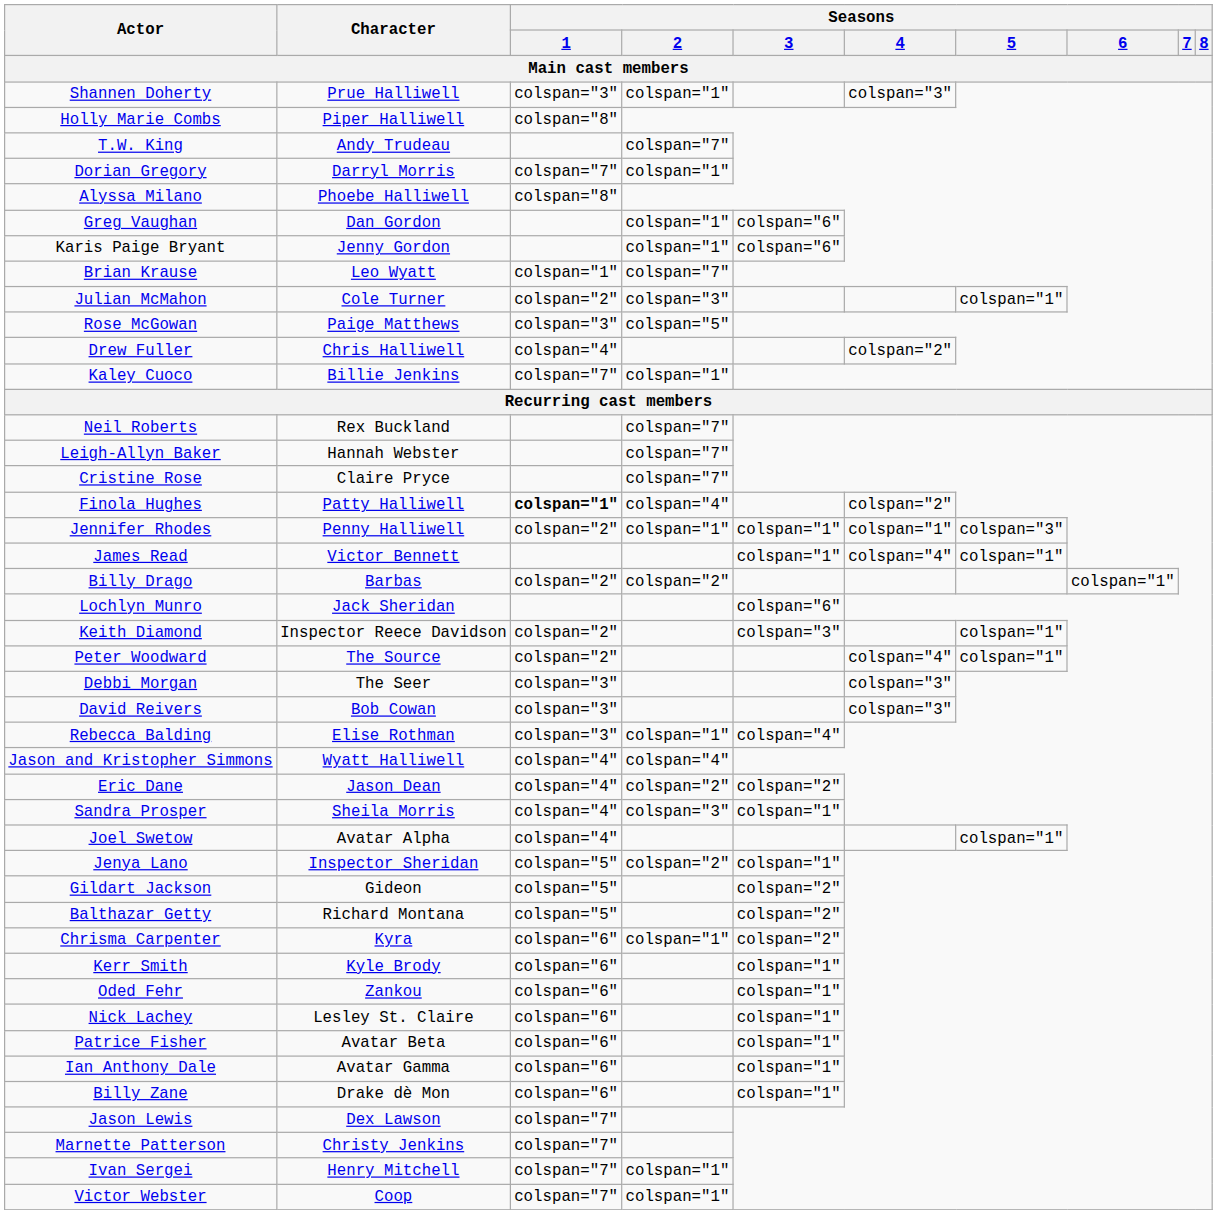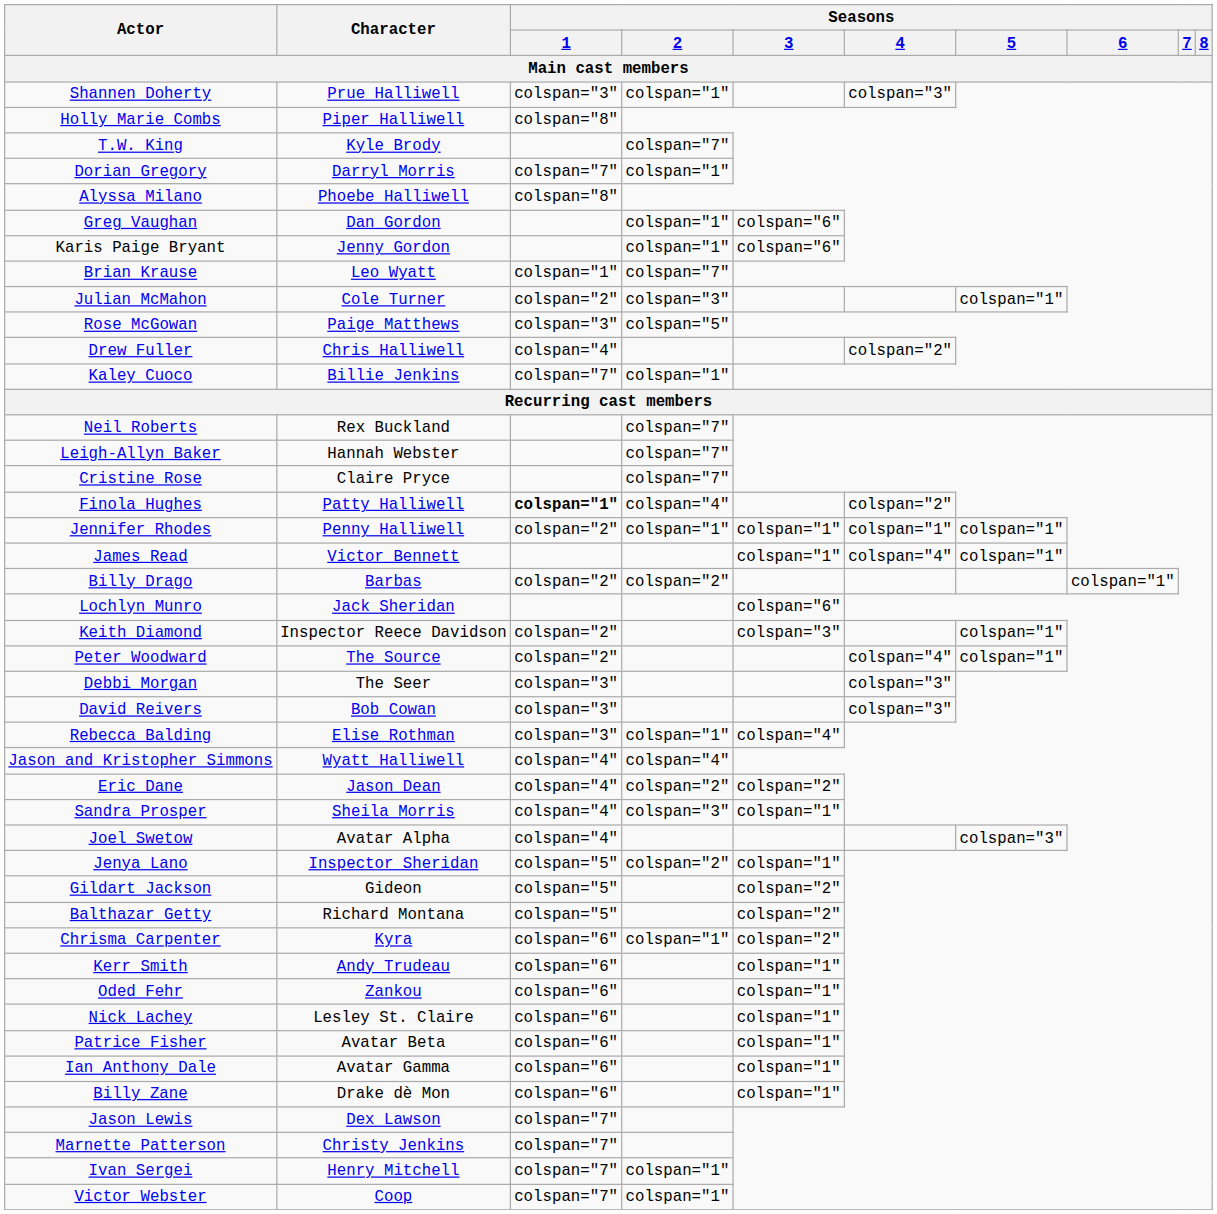 <table class="wikitable sortable" style="text-align:center">
 <tr>
 <th rowspan="2">Actor</th>
 <th rowspan="2">Character</th>
 <th colspan="8">Seasons</th>
 </tr>
 <tr>
 <th><a href='#'>1</a></th>
 <th><a href='#'>2</a></th>
 <th><a href='#'>3</a></th>
 <th><a href='#'>4</a></th>
 <th><a href='#'>5</a></th>
 <th><a href='#'>6</a></th>
 <th><a href='#'>7</a></th>
 <th><a href='#'>8</a></th>
 </tr>
 <tr>
 <th colspan="10">Main cast members</th>
 </tr>
 <tr>
 <td><a href='#'>Shannen Doherty</a></td>
 <td><a href='#'>Prue Halliwell</a></td>
 <td>colspan="3" </td>
 <td>colspan="1" </td>
 <td></td>
 <td>colspan="3" </td>
 </tr>
 <tr>
 <td><a href='#'>Holly Marie Combs</a></td>
 <td><a href='#'>Piper Halliwell</a></td>
 <td>colspan="8" </td>
 </tr>
 <tr>
 <td><a href='#'>T.W. King</a></td>
-<td><a href='#'>Andy Trudeau</a></td>
+<td><a href='#'>Kyle Brody</a></td>
 <td></td>
 <td>colspan="7" </td>
 </tr>
 <tr>
 <td><a href='#'>Dorian Gregory</a></td>
 <td><a href='#'>Darryl Morris</a></td>
 <td>colspan="7" </td>
 <td>colspan="1" </td>
 </tr>
 <tr>
 <td><a href='#'>Alyssa Milano</a></td>
 <td><a href='#'>Phoebe Halliwell</a></td>
 <td>colspan="8" </td>
 </tr>
 <tr>
 <td><a href='#'>Greg Vaughan</a></td>
 <td><a href='#'>Dan Gordon</a></td>
 <td></td>
 <td>colspan="1" </td>
 <td>colspan="6" </td>
 </tr>
 <tr>
 <td>Karis Paige Bryant</td>
 <td><a href='#'>Jenny Gordon</a></td>
 <td></td>
 <td>colspan="1" </td>
 <td>colspan="6" </td>
 </tr>
 <tr>
 <td><a href='#'>Brian Krause</a></td>
 <td><a href='#'>Leo Wyatt</a></td>
 <td>colspan="1" </td>
 <td>colspan="7" </td>
 </tr>
 <tr>
 <td><a href='#'>Julian McMahon</a></td>
 <td><a href='#'>Cole Turner</a></td>
 <td>colspan="2" </td>
 <td>colspan="3" </td>
 <td></td>
 <td></td>
 <td>colspan="1" </td>
 </tr>
 <tr>
 <td><a href='#'>Rose McGowan</a></td>
 <td><a href='#'>Paige Matthews</a></td>
 <td>colspan="3" </td>
 <td>colspan="5" </td>
 </tr>
 <tr>
 <td><a href='#'>Drew Fuller</a></td>
 <td><a href='#'>Chris Halliwell</a></td>
 <td>colspan="4" </td>
 <td></td>
 <td></td>
 <td>colspan="2" </td>
 </tr>
 <tr>
 <td><a href='#'>Kaley Cuoco</a></td>
 <td><a href='#'>Billie Jenkins</a></td>
 <td>colspan="7" </td>
 <td>colspan="1" </td>
 </tr>
 <tr>
 <th colspan="10">Recurring cast members</th>
 </tr>
 <tr>
 <td><a href='#'>Neil Roberts</a></td>
 <td>Rex Buckland</td>
 <td></td>
 <td>colspan="7" </td>
 </tr>
 <tr>
 <td><a href='#'>Leigh-Allyn Baker</a></td>
 <td>Hannah Webster</td>
 <td></td>
 <td>colspan="7" </td>
 </tr>
 <tr>
 <td><a href='#'>Cristine Rose</a></td>
 <td>Claire Pryce</td>
 <td></td>
 <td>colspan="7" </td>
 </tr>
 <tr>
 <td><a href='#'>Finola Hughes</a></td>
 <td><a href='#'>Patty Halliwell</a></td>
 <td><strong>colspan="1" </strong></td>
 <td>colspan="4" </td>
 <td></td>
 <td>colspan="2" </td>
 </tr>
 <tr>
 <td><a href='#'>Jennifer Rhodes</a></td>
 <td><a href='#'>Penny Halliwell</a></td>
 <td>colspan="2" </td>
 <td>colspan="1" </td>
 <td>colspan="1" </td>
 <td>colspan="1" </td>
-<td>colspan="3" </td>
+<td>colspan="1" </td>
 </tr>
 <tr>
 <td><a href='#'>James Read</a></td>
 <td><a href='#'>Victor Bennett</a></td>
 <td></td>
 <td></td>
 <td>colspan="1" </td>
 <td>colspan="4" </td>
 <td>colspan="1" </td>
 </tr>
 <tr>
 <td><a href='#'>Billy Drago</a></td>
 <td><a href='#'>Barbas</a></td>
 <td>colspan="2" </td>
 <td>colspan="2" </td>
 <td></td>
 <td></td>
 <td></td>
 <td>colspan="1" </td>
 </tr>
 <tr>
 <td><a href='#'>Lochlyn Munro</a></td>
 <td><a href='#'>Jack Sheridan</a></td>
 <td></td>
 <td></td>
 <td>colspan="6" </td>
 </tr>
 <tr>
 <td><a href='#'>Keith Diamond</a></td>
 <td>Inspector Reece Davidson</td>
 <td>colspan="2" </td>
 <td></td>
 <td>colspan="3" </td>
 <td></td>
 <td>colspan="1" </td>
 </tr>
 <tr>
 <td><a href='#'>Peter Woodward</a></td>
 <td><a href='#'>The Source</a></td>
 <td>colspan="2" </td>
 <td></td>
 <td></td>
 <td>colspan="4" </td>
 <td>colspan="1" </td>
 </tr>
 <tr>
 <td><a href='#'>Debbi Morgan</a></td>
 <td>The Seer</td>
 <td>colspan="3" </td>
 <td></td>
 <td></td>
 <td>colspan="3" </td>
 </tr>
 <tr>
 <td><a href='#'>David Reivers</a></td>
 <td><a href='#'>Bob Cowan</a></td>
 <td>colspan="3" </td>
 <td></td>
 <td></td>
 <td>colspan="3" </td>
 </tr>
 <tr>
 <td><a href='#'>Rebecca Balding</a></td>
 <td><a href='#'>Elise Rothman</a></td>
 <td>colspan="3" </td>
 <td>colspan="1" </td>
 <td>colspan="4" </td>
 </tr>
 <tr>
 <td><a href='#'>Jason and Kristopher Simmons</a></td>
 <td><a href='#'>Wyatt Halliwell</a></td>
 <td>colspan="4" </td>
 <td>colspan="4" </td>
 </tr>
 <tr>
 <td><a href='#'>Eric Dane</a></td>
 <td><a href='#'>Jason Dean</a></td>
 <td>colspan="4" </td>
 <td>colspan="2" </td>
 <td>colspan="2" </td>
 </tr>
 <tr>
 <td><a href='#'>Sandra Prosper</a></td>
 <td><a href='#'>Sheila Morris</a></td>
 <td>colspan="4" </td>
 <td>colspan="3" </td>
 <td>colspan="1" </td>
 </tr>
 <tr>
 <td><a href='#'>Joel Swetow</a></td>
 <td>Avatar Alpha</td>
 <td>colspan="4" </td>
 <td></td>
 <td></td>
 <td></td>
-<td>colspan="1" </td>
+<td>colspan="3" </td>
 </tr>
 <tr>
 <td><a href='#'>Jenya Lano</a></td>
 <td><a href='#'>Inspector Sheridan</a></td>
 <td>colspan="5" </td>
 <td>colspan="2" </td>
 <td>colspan="1" </td>
 </tr>
 <tr>
 <td><a href='#'>Gildart Jackson</a></td>
 <td>Gideon</td>
 <td>colspan="5" </td>
 <td></td>
 <td>colspan="2" </td>
 </tr>
 <tr>
 <td><a href='#'>Balthazar Getty</a></td>
 <td>Richard Montana</td>
 <td>colspan="5" </td>
 <td></td>
 <td>colspan="2" </td>
 </tr>
 <tr>
 <td><a href='#'>Chrisma Carpenter</a></td>
 <td><a href='#'>Kyra</a></td>
 <td>colspan="6" </td>
 <td>colspan="1" </td>
 <td>colspan="2" </td>
 </tr>
 <tr>
 <td><a href='#'>Kerr Smith</a></td>
-<td><a href='#'>Kyle Brody</a></td>
+<td><a href='#'>Andy Trudeau</a></td>
 <td>colspan="6" </td>
 <td></td>
 <td>colspan="1" </td>
 </tr>
 <tr>
 <td><a href='#'>Oded Fehr</a></td>
 <td><a href='#'>Zankou</a></td>
 <td>colspan="6" </td>
 <td></td>
 <td>colspan="1" </td>
 </tr>
 <tr>
 <td><a href='#'>Nick Lachey</a></td>
 <td>Lesley St. Claire</td>
 <td>colspan="6" </td>
 <td></td>
 <td>colspan="1" </td>
 </tr>
 <tr>
 <td><a href='#'>Patrice Fisher</a></td>
 <td>Avatar Beta</td>
 <td>colspan="6" </td>
 <td></td>
 <td>colspan="1" </td>
 </tr>
 <tr>
 <td><a href='#'>Ian Anthony Dale</a></td>
 <td>Avatar Gamma</td>
 <td>colspan="6" </td>
 <td></td>
 <td>colspan="1" </td>
 </tr>
 <tr>
 <td><a href='#'>Billy Zane</a></td>
 <td>Drake dè Mon</td>
 <td>colspan="6" </td>
 <td></td>
 <td>colspan="1" </td>
 </tr>
 <tr>
 <td><a href='#'>Jason Lewis</a></td>
 <td><a href='#'>Dex Lawson</a></td>
 <td>colspan="7" </td>
 <td></td>
 </tr>
 <tr>
 <td><a href='#'>Marnette Patterson</a></td>
 <td><a href='#'>Christy Jenkins</a></td>
 <td>colspan="7" </td>
 <td></td>
 </tr>
 <tr>
 <td><a href='#'>Ivan Sergei</a></td>
 <td><a href='#'>Henry Mitchell</a></td>
 <td>colspan="7" </td>
 <td>colspan="1" </td>
 </tr>
 <tr>
 <td><a href='#'>Victor Webster</a></td>
 <td><a href='#'>Coop</a></td>
 <td>colspan="7" </td>
 <td>colspan="1" </td>
 </tr>
 </table>
